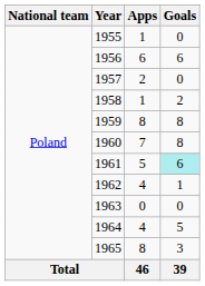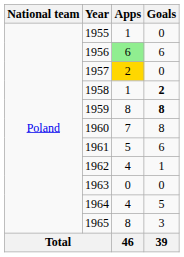 <table class="wikitable" style="text-align:center">
 <tr>
 <th>National team</th>
 <th>Year</th>
 <th>Apps</th>
 <th>Goals</th>
 </tr>
 <tr>
 <td rowspan="11"><a href='#'>Poland</a></td>
 <td>1955</td>
 <td>1</td>
 <td>0</td>
 </tr>
 <tr>
 <td>1956</td>
-<td>6</td>
+<td style="background: lightgreen;">6</td>
 <td>6</td>
 </tr>
 <tr>
 <td>1957</td>
-<td>2</td>
+<td style="background: gold;">2</td>
 <td>0</td>
 </tr>
 <tr>
 <td>1958</td>
 <td>1</td>
-<td>2</td>
+<td><strong>2</strong></td>
 </tr>
 <tr>
 <td>1959</td>
 <td>8</td>
-<td>8</td>
+<td><strong>8</strong></td>
 </tr>
 <tr>
 <td>1960</td>
 <td>7</td>
 <td>8</td>
 </tr>
 <tr>
 <td>1961</td>
 <td>5</td>
-<td style="background: paleturquoise;">6</td>
+<td>6</td>
 </tr>
 <tr>
 <td>1962</td>
 <td>4</td>
 <td>1</td>
 </tr>
 <tr>
 <td>1963</td>
 <td>0</td>
 <td>0</td>
 </tr>
 <tr>
 <td>1964</td>
 <td>4</td>
 <td>5</td>
 </tr>
 <tr>
 <td>1965</td>
 <td>8</td>
 <td>3</td>
 </tr>
 <tr>
 <th colspan="2">Total</th>
 <th>46</th>
 <th>39</th>
 </tr>
 </table>
